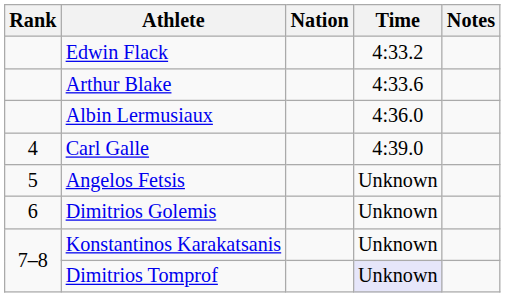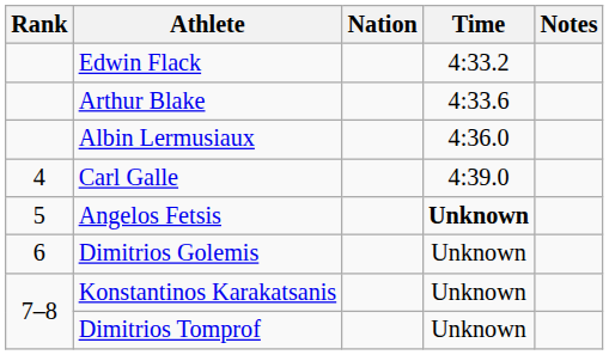 <table class="wikitable sortable" style="text-align:center">
 <tr>
 <th>Rank</th>
 <th>Athlete</th>
 <th>Nation</th>
 <th>Time</th>
 <th>Notes</th>
 </tr>
 <tr>
 <td></td>
 <td align=left><a href='#'>Edwin Flack</a></td>
 <td align=left></td>
 <td>4:33.2</td>
 <td></td>
 </tr>
 <tr>
 <td></td>
 <td align=left><a href='#'>Arthur Blake</a></td>
 <td align=left></td>
 <td>4:33.6</td>
 <td></td>
 </tr>
 <tr>
 <td></td>
 <td align=left><a href='#'>Albin Lermusiaux</a></td>
 <td align=left></td>
 <td>4:36.0</td>
 <td></td>
 </tr>
 <tr>
 <td>4</td>
 <td align=left><a href='#'>Carl Galle</a></td>
 <td align=left></td>
 <td>4:39.0</td>
 <td></td>
 </tr>
 <tr>
 <td>5</td>
 <td align=left><a href='#'>Angelos Fetsis</a></td>
 <td align=left></td>
-<td>Unknown</td>
+<td><strong>Unknown</strong></td>
 <td></td>
 </tr>
 <tr>
 <td>6</td>
 <td align=left><a href='#'>Dimitrios Golemis</a></td>
 <td align=left></td>
 <td>Unknown</td>
 <td></td>
 </tr>
 <tr>
 <td rowspan=2>7–8</td>
 <td align=left><a href='#'>Konstantinos Karakatsanis</a></td>
 <td align=left></td>
 <td>Unknown</td>
 <td></td>
 </tr>
 <tr>
 <td align=left><a href='#'>Dimitrios Tomprof</a></td>
 <td align=left></td>
-<td style="background: lavender;">Unknown</td>
+<td>Unknown</td>
 <td></td>
 </tr>
 </table>
